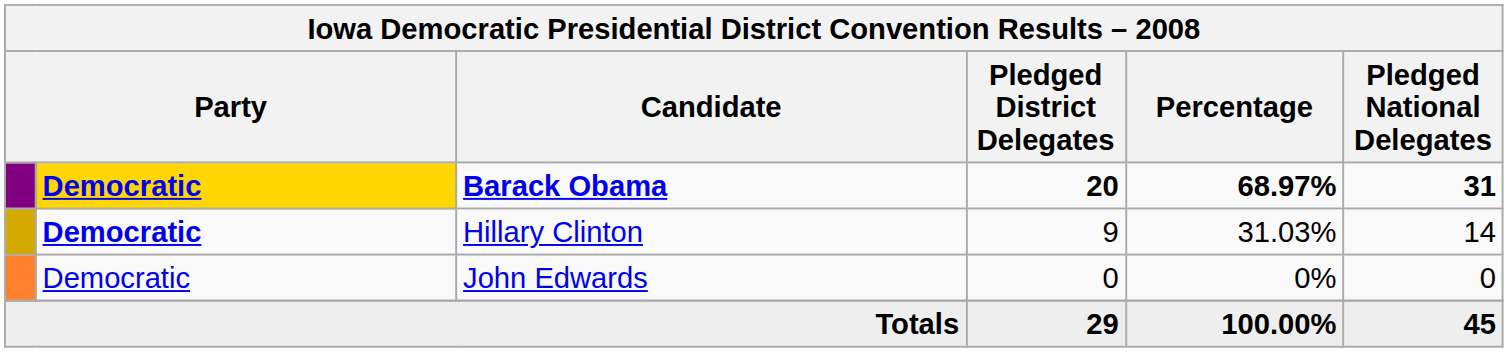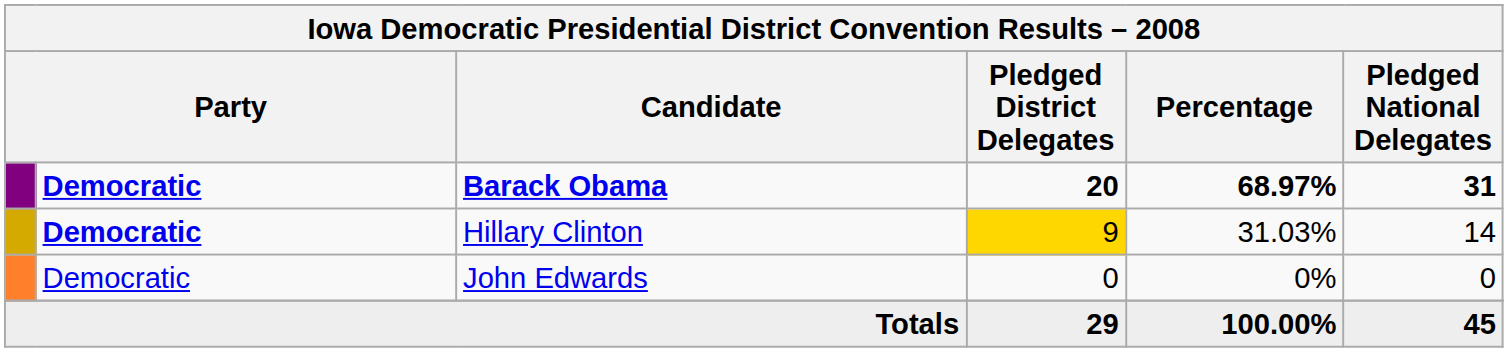 <table class="wikitable" style="font-size:95%;">
 <tr>
 <th colspan="7">Iowa Democratic Presidential District Convention Results – 2008</th>
 </tr>
 <tr>
 <th colspan="2" style="width: 15em">Party</th>
 <th style="width: 17em">Candidate</th>
 <th style="width: 5em">Pledged District Delegates<br></th>
 <th style="width: 7em">Percentage</th>
 <th style="width: 5em">Pledged National Delegates<br></th>
 </tr>
 <tr>
 <th style="background-color:#800080; width: 3px"></th>
-<td style="background: gold; width: 130px"><strong><a href='#'>Democratic</a></strong></td>
+<td style="width: 130px"><strong><a href='#'>Democratic</a></strong></td>
 <td><strong><a href='#'>Barack Obama</a></strong></td>
 <td align="right"><strong>20</strong></td>
 <td align="right"><strong>68.97%</strong></td>
 <td align="right"><strong>31</strong></td>
 </tr>
 <tr>
 <th style="background-color:#d4aa00; width: 3px"></th>
 <td style="width: 130px"><strong><a href='#'>Democratic</a></strong></td>
 <td><a href='#'>Hillary Clinton</a></td>
-<td align="right">9</td>
+<td align="right" style="background: gold;">9</td>
 <td align="right">31.03%</td>
 <td align="right">14</td>
 </tr>
 <tr>
 <th style="background-color:#ff7f2a; width: 3px"></th>
 <td style="width: 130px"><a href='#'>Democratic</a></td>
 <td><a href='#'>John Edwards</a></td>
 <td align="right">0</td>
 <td align="right">0%</td>
 <td align="right">0</td>
 </tr>
 <tr>
 </tr>
 <tr bgcolor="#EEEEEE">
 <td colspan="3" align="right"><strong>Totals</strong></td>
 <td align="right"><strong>29</strong></td>
 <td align="right"><strong>100.00%</strong></td>
 <td align="right"><strong>45</strong></td>
 </tr>
 </table>
